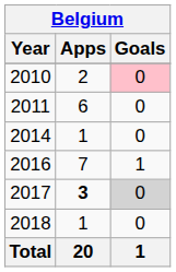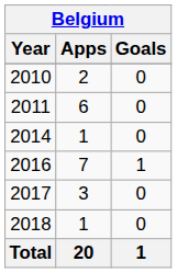 <table class="wikitable" style="text-align:center">
 <tr>
 <th colspan=3><a href='#'>Belgium</a></th>
 </tr>
 <tr>
 <th>Year</th>
 <th>Apps</th>
 <th>Goals</th>
 </tr>
 <tr>
 </tr>
 <tr>
 <td>2010</td>
 <td>2</td>
-<td style="background: pink;">0</td>
+<td>0</td>
 </tr>
 <tr>
 <td>2011</td>
 <td>6</td>
 <td>0</td>
 </tr>
 <tr>
 <td>2014</td>
 <td>1</td>
 <td>0</td>
 </tr>
 <tr>
 <td>2016</td>
 <td>7</td>
 <td>1</td>
 </tr>
 <tr>
 <td>2017</td>
-<td><strong>3</strong></td>
-<td style="background: lightgrey;">0</td>
+<td>3</td>
+<td>0</td>
 </tr>
 <tr>
 <td>2018</td>
 <td>1</td>
 <td>0</td>
 </tr>
 <tr>
 <th>Total</th>
 <th>20</th>
 <th>1</th>
 </tr>
 </table>
